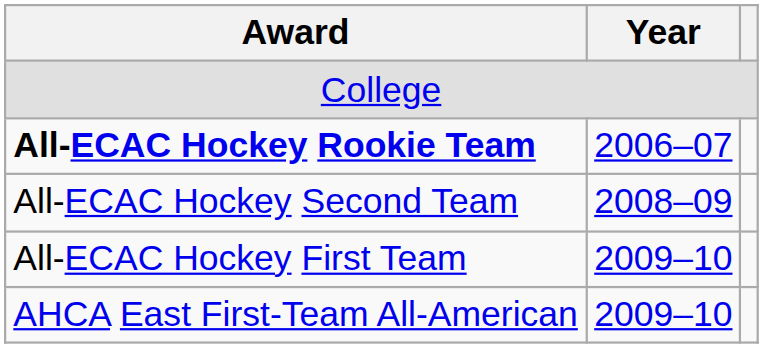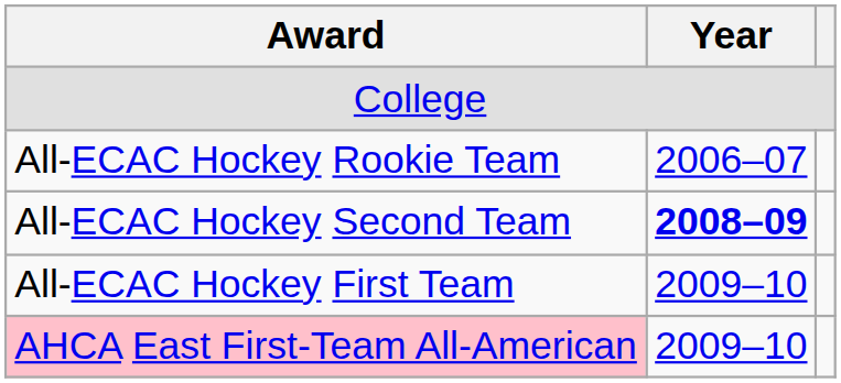 <table class="wikitable">
 <tr>
 <th>Award</th>
 <th>Year</th>
 <th></th>
 </tr>
 <tr ALIGN="center" bgcolor="#e0e0e0">
 <td colspan="3"><a href='#'>College</a></td>
 </tr>
 <tr>
-<td><strong>All-<a href='#'>ECAC Hockey</a> <a href='#'>Rookie Team</a></strong></td>
+<td>All-<a href='#'>ECAC Hockey</a> <a href='#'>Rookie Team</a></td>
 <td><a href='#'>2006–07</a></td>
 <td></td>
 </tr>
 <tr>
 <td>All-<a href='#'>ECAC Hockey</a> <a href='#'>Second Team</a></td>
-<td><a href='#'>2008–09</a></td>
+<td><strong><a href='#'>2008–09</a></strong></td>
 <td></td>
 </tr>
 <tr>
 <td>All-<a href='#'>ECAC Hockey</a> <a href='#'>First Team</a></td>
 <td><a href='#'>2009–10</a></td>
 <td></td>
 </tr>
 <tr>
-<td><a href='#'>AHCA</a> <a href='#'>East First-Team All-American</a></td>
+<td style="background: pink;"><a href='#'>AHCA</a> <a href='#'>East First-Team All-American</a></td>
 <td><a href='#'>2009–10</a></td>
 <td></td>
 </tr>
 </table>
